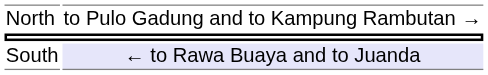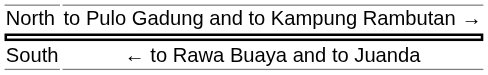 <table>
 <tr>
 <td style="border-top:solid 1px gray">North</td>
 <td style="text-align:center;border-top:solid 1px gray">  to Pulo Gadung and  to Kampung Rambutan  →</td>
 </tr>
 <tr>
 <td colspan="2" style="text-align:center; border:solid 2px black; "></td>
 </tr>
 <tr>
 <td style="border-bottom:solid 1px gray">South</td>
-<td style="background: lavender; text-align:center ; border-bottom:solid 1px gray">←   to Rawa Buaya and   to Juanda</td>
+<td style="text-align:center ; border-bottom:solid 1px gray">←   to Rawa Buaya and   to Juanda</td>
 </tr>
 </table>
